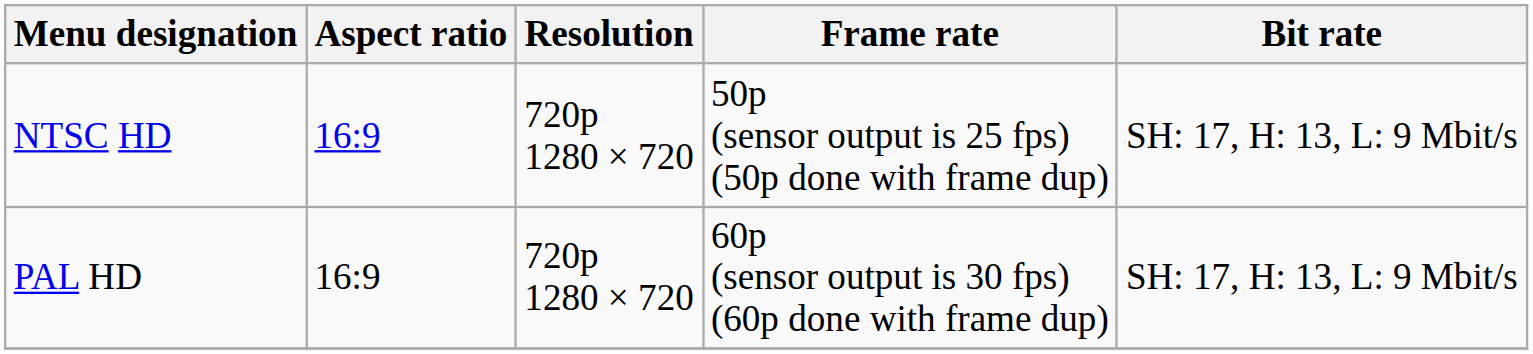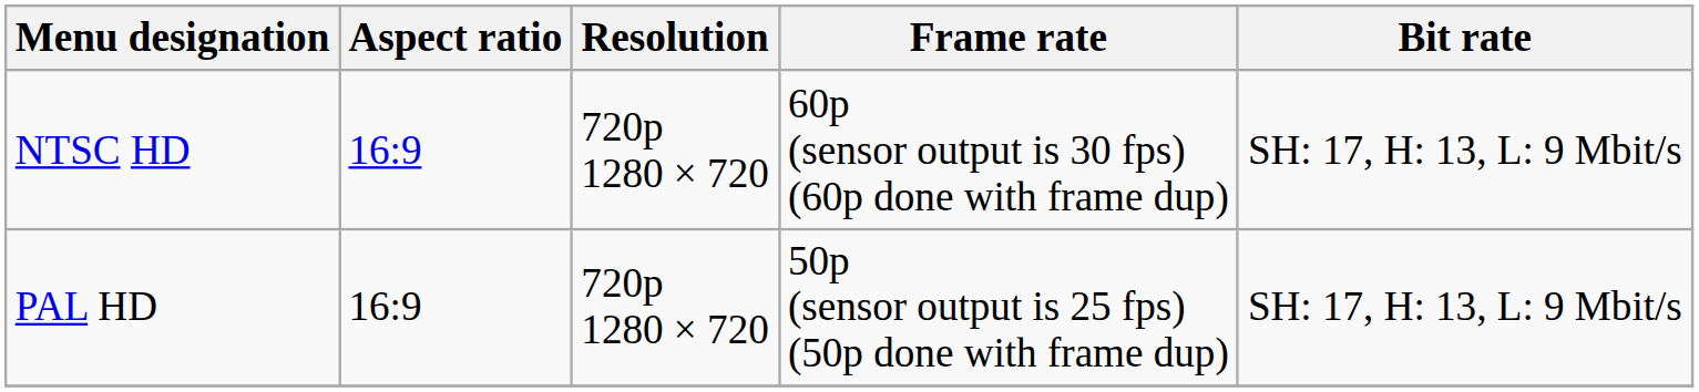 <table class="wikitable plainlinks" border="1">
 <tr>
 <th>Menu designation</th>
 <th>Aspect ratio</th>
 <th>Resolution</th>
 <th>Frame rate</th>
 <th>Bit rate</th>
 </tr>
 <tr>
 <td><a href='#'>NTSC</a> <a href='#'>HD</a></td>
 <td><a href='#'>16:9</a></td>
 <td>720p<br>1280 × 720</td>
-<td>50p<br>(sensor output is 25 fps)<br> (50p done with frame dup)</td>
+<td>60p<br>(sensor output is 30 fps)<br> (60p done with frame dup)</td>
 <td>SH: 17, H: 13, L: 9 Mbit/s</td>
 </tr>
 <tr>
 <td><a href='#'>PAL</a> HD</td>
 <td>16:9</td>
 <td>720p<br>1280 × 720</td>
-<td>60p<br>(sensor output is 30 fps)<br> (60p done with frame dup)</td>
+<td>50p<br>(sensor output is 25 fps)<br> (50p done with frame dup)</td>
 <td>SH: 17, H: 13, L: 9 Mbit/s</td>
 </tr>
 <tr>
 </tr>
 </table>
